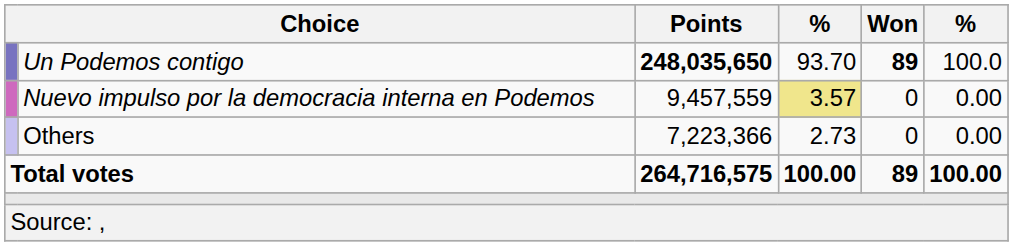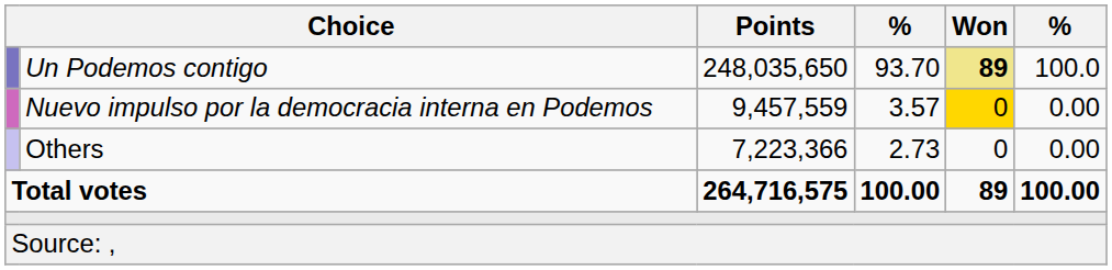 <table class="wikitable" style="text-align:right; font-size:90%;">
 <tr>
 <th colspan="2" width="375">Choice</th>
 <th width="80">Points</th>
 <th width="40">%</th>
 <th width="30">Won</th>
 <th width="40">%</th>
 </tr>
 <tr>
 <td width="1" bgcolor="#7873C0"></td>
 <td align="left"><em>Un Podemos contigo</em> </td>
-<td><strong>248,035,650</strong></td>
+<td>248,035,650</td>
 <td>93.70</td>
-<td><strong>89</strong></td>
+<td style="background: khaki;"><strong>89</strong></td>
 <td>100.0</td>
 </tr>
 <tr>
 <td bgcolor="#CE69BE"></td>
 <td align="left"><em>Nuevo impulso por la democracia interna en Podemos</em> </td>
 <td>9,457,559</td>
-<td style="background: khaki;">3.57</td>
-<td>0</td>
+<td>3.57</td>
+<td style="background: gold;">0</td>
 <td>0.00</td>
 </tr>
 <tr>
 <td bgcolor="#C6C1F0"></td>
 <td align="left">Others</td>
 <td>7,223,366</td>
 <td>2.73</td>
 <td>0</td>
 <td>0.00</td>
 </tr>
 <tr style="font-weight:bold;">
 <td colspan="2" align="left">Total votes</td>
 <td>264,716,575</td>
 <td>100.00</td>
 <td>89</td>
 <td>100.00</td>
 </tr>
 <tr>
 <td colspan="6" bgcolor="#E9E9E9"></td>
 </tr>
 <tr style="background-color:#F2F2F2">
 <td colspan="6" align="left">Source:  ,  </td>
 </tr>
 </table>
